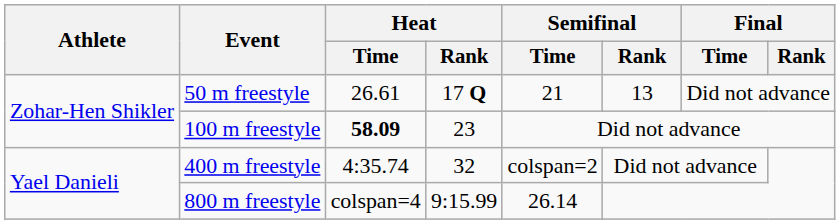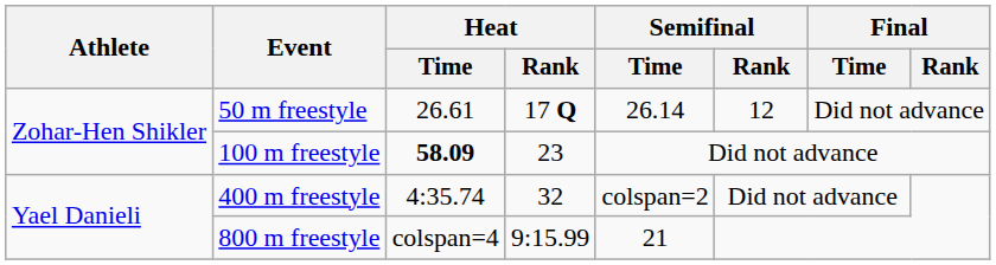 <table class=wikitable style="font-size:90%">
 <tr>
 <th rowspan=2>Athlete</th>
 <th rowspan=2>Event</th>
 <th colspan="2">Heat</th>
 <th colspan="2">Semifinal</th>
 <th colspan="2">Final</th>
 </tr>
 <tr style="font-size:95%">
 <th>Time</th>
 <th>Rank</th>
 <th>Time</th>
 <th>Rank</th>
 <th>Time</th>
 <th>Rank</th>
 </tr>
 <tr align="center">
 <td align=left rowspan=2><a href='#'>Zohar-Hen Shikler</a></td>
 <td align=left><a href='#'>50 m freestyle</a></td>
 <td>26.61</td>
 <td>17 <strong>Q</strong></td>
-<td>21</td>
-<td>13</td>
+<td>26.14</td>
+<td>12</td>
 <td colspan="2">Did not advance</td>
 </tr>
 <tr align="center">
 <td align=left><a href='#'>100 m freestyle</a></td>
 <td><strong>58.09</strong></td>
 <td>23</td>
 <td colspan="4">Did not advance</td>
 </tr>
 <tr align="center">
 <td align=left rowspan=2><a href='#'>Yael Danieli</a></td>
 <td align=left><a href='#'>400 m freestyle</a></td>
 <td>4:35.74</td>
 <td>32</td>
 <td>colspan=2 </td>
 <td colspan="2">Did not advance</td>
 </tr>
 <tr align=center>
 <td align=left><a href='#'>800 m freestyle</a></td>
 <td>colspan=4 </td>
 <td>9:15.99</td>
-<td>26.14</td>
+<td>21</td>
 </tr>
 </table>
